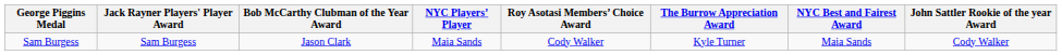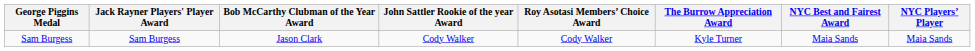 <table class="wikitable" style="text-align:center; width:100%;">
 <tr>
 <th>George Piggins Medal</th>
 <th>Jack Rayner Players' Player Award</th>
 <th>Bob McCarthy Clubman of the Year Award</th>
-<th><a href='#'>NYC Players’ Player</a></th>
+<th>John Sattler Rookie of the year Award</th>
 <th>Roy Asotasi Members’ Choice Award</th>
 <th><a href='#'>The Burrow Appreciation Award</a></th>
 <th><a href='#'>NYC Best and Fairest Award</a></th>
-<th>John Sattler Rookie of the year Award</th>
+<th><a href='#'>NYC Players’ Player</a></th>
 </tr>
 <tr>
 <td><a href='#'>Sam Burgess</a></td>
 <td><a href='#'>Sam Burgess</a></td>
 <td><a href='#'>Jason Clark</a></td>
-<td><a href='#'>Maia Sands</a></td>
+<td><a href='#'>Cody Walker</a></td>
 <td><a href='#'>Cody Walker</a></td>
 <td><a href='#'>Kyle Turner</a></td>
 <td><a href='#'>Maia Sands</a></td>
-<td><a href='#'>Cody Walker</a></td>
+<td><a href='#'>Maia Sands</a></td>
 </tr>
 </table>
